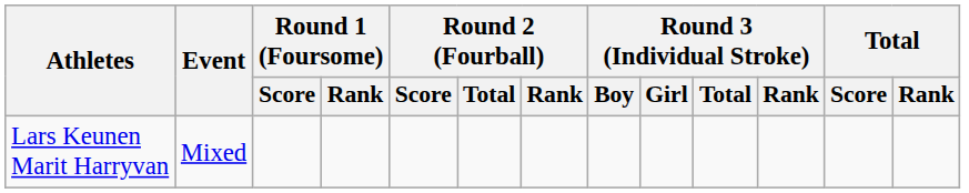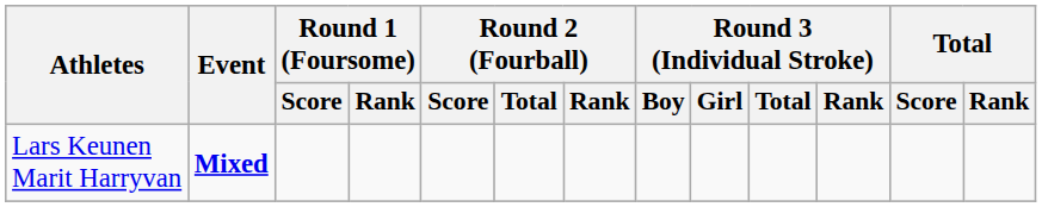 <table class="wikitable" style="font-size:90%">
 <tr>
 <th rowspan="2">Athletes</th>
 <th rowspan="2">Event</th>
 <th colspan="2">Round 1<br>(Foursome)</th>
 <th colspan="3">Round 2<br>(Fourball)</th>
 <th colspan="4">Round 3<br>(Individual Stroke)</th>
 <th colspan="2">Total</th>
 </tr>
 <tr style="font-size:95%">
 <th>Score</th>
 <th>Rank</th>
 <th>Score</th>
 <th>Total</th>
 <th>Rank</th>
 <th>Boy</th>
 <th>Girl</th>
 <th>Total</th>
 <th>Rank</th>
 <th>Score</th>
 <th>Rank</th>
 </tr>
 <tr align=center>
 <td align=left><a href='#'>Lars Keunen</a><br><a href='#'>Marit Harryvan</a></td>
-<td align=left><a href='#'>Mixed</a></td>
+<td align=left><strong><a href='#'>Mixed</a></strong></td>
 <td></td>
 <td></td>
 <td></td>
 <td></td>
 <td></td>
 <td></td>
 <td></td>
 <td></td>
 <td></td>
 <td></td>
 <td></td>
 </tr>
 </table>
